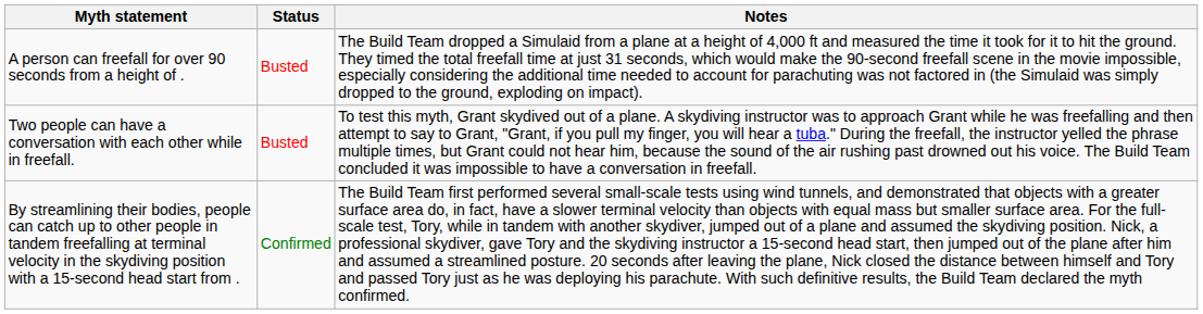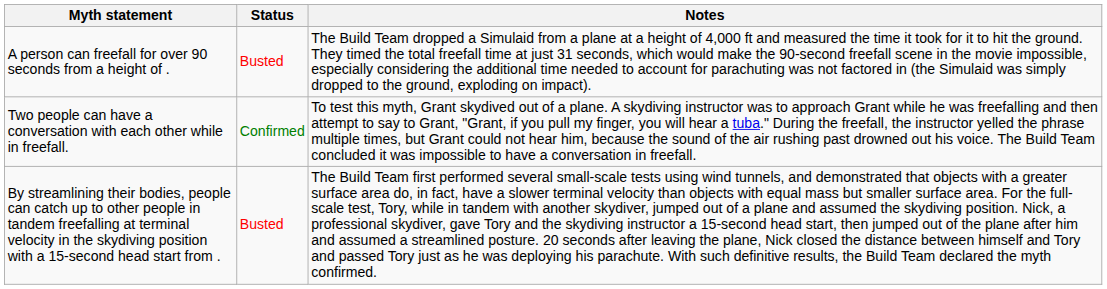 <table class="wikitable plainrowheaders">
 <tr>
 <th>Myth statement</th>
 <th>Status</th>
 <th>Notes</th>
 </tr>
 <tr>
 <td>A person can freefall for over 90 seconds from a height of .</td>
 <td style="color:red">Busted</td>
 <td>The Build Team dropped a Simulaid from a plane at a height of 4,000 ft and measured the time it took for it to hit the ground. They timed the total freefall time at just 31 seconds, which would make the 90-second freefall scene in the movie impossible, especially considering the additional time needed to account for parachuting was not factored in (the Simulaid was simply dropped to the ground, exploding on impact).</td>
 </tr>
 <tr>
 <td>Two people can have a conversation with each other while in freefall.</td>
-<td style="color:red">Busted</td>
+<td style="color:green">Confirmed</td>
 <td>To test this myth, Grant skydived out of a plane. A skydiving instructor was to approach Grant while he was freefalling and then attempt to say to Grant, "Grant, if you pull my finger, you will hear a <a href='#'>tuba</a>." During the freefall, the instructor yelled the phrase multiple times, but Grant could not hear him, because the sound of the air rushing past drowned out his voice. The Build Team concluded it was impossible to have a conversation in freefall.</td>
 </tr>
 <tr>
 <td>By streamlining their bodies, people can catch up to other people in tandem freefalling at terminal velocity in the skydiving position with a 15-second head start from .</td>
-<td style="color:green">Confirmed</td>
+<td style="color:red">Busted</td>
 <td>The Build Team first performed several small-scale tests using wind tunnels, and demonstrated that objects with a greater surface area do, in fact, have a slower terminal velocity than objects with equal mass but smaller surface area. For the full-scale test, Tory, while in tandem with another skydiver, jumped out of a plane and assumed the skydiving position. Nick, a professional skydiver, gave Tory and the skydiving instructor a 15-second head start, then jumped out of the plane after him and assumed a streamlined posture. 20 seconds after leaving the plane, Nick closed the distance between himself and Tory and passed Tory just as he was deploying his parachute. With such definitive results, the Build Team declared the myth confirmed.</td>
 </tr>
 </table>
